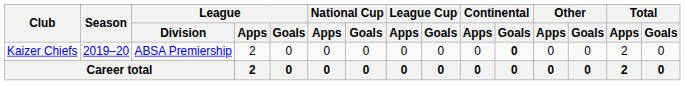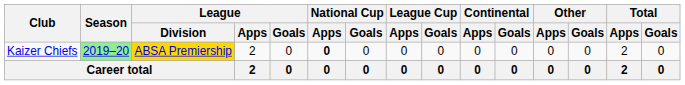 <table class="wikitable" style="text-align: center">
 <tr>
 <th rowspan="2">Club</th>
 <th rowspan="2">Season</th>
 <th colspan="3">League</th>
 <th colspan="2">National Cup</th>
 <th colspan="2">League Cup</th>
 <th colspan="2">Continental</th>
 <th colspan="2">Other</th>
 <th colspan="2">Total</th>
 </tr>
 <tr>
 <th>Division</th>
 <th>Apps</th>
 <th>Goals</th>
 <th>Apps</th>
 <th>Goals</th>
 <th>Apps</th>
 <th>Goals</th>
 <th>Apps</th>
 <th>Goals</th>
 <th>Apps</th>
 <th>Goals</th>
 <th>Apps</th>
 <th>Goals</th>
 </tr>
 <tr>
 <td><a href='#'>Kaizer Chiefs</a></td>
-<td><a href='#'>2019–20</a></td>
-<td><a href='#'>ABSA Premiership</a></td>
+<td style="background: lightgreen;"><a href='#'>2019–20</a></td>
+<td style="background: gold;"><a href='#'>ABSA Premiership</a></td>
 <td>2</td>
+<td>0</td>
+<td><strong>0</strong></td>
 <td>0</td>
 <td>0</td>
 <td>0</td>
 <td>0</td>
 <td>0</td>
-<td>0</td>
-<td><strong>0</strong></td>
 <td>0</td>
 <td>0</td>
 <td>2</td>
 <td>0</td>
 </tr>
 <tr>
 <th colspan=3>Career total</th>
 <th>2</th>
 <th>0</th>
 <th>0</th>
 <th>0</th>
 <th>0</th>
 <th>0</th>
 <th>0</th>
 <th>0</th>
 <th>0</th>
 <th>0</th>
 <th>2</th>
 <th>0</th>
 </tr>
 </table>
